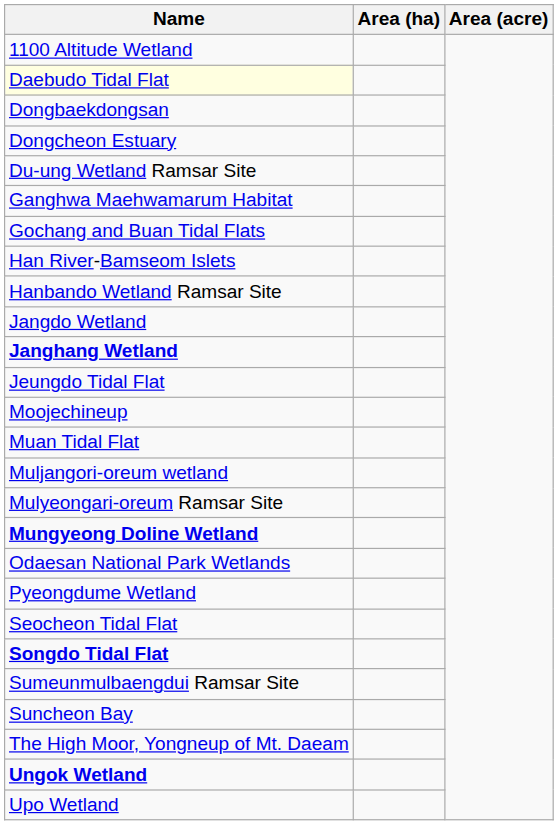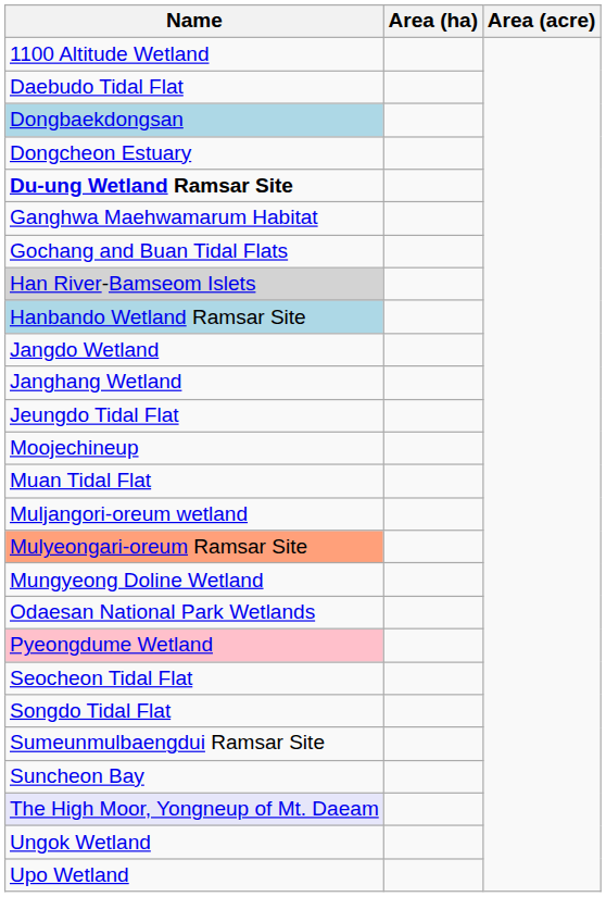 <table class="wikitable sortable">
 <tr>
 <th scope="col" align=left>Name</th>
 <th scope="col">Area (ha)</th>
 <th scope="col">Area (acre)</th>
 </tr>
 <tr ---->
 <td><a href='#'>1100 Altitude Wetland</a></td>
 <td></td>
 </tr>
 <tr ---->
-<td style="background: lightyellow;"><a href='#'>Daebudo Tidal Flat</a></td>
+<td><a href='#'>Daebudo Tidal Flat</a></td>
 <td></td>
 </tr>
 <tr ---->
-<td><a href='#'>Dongbaekdongsan</a></td>
+<td style="background: lightblue;"><a href='#'>Dongbaekdongsan</a></td>
 <td></td>
 </tr>
 <tr ---->
 <td><a href='#'>Dongcheon Estuary</a></td>
 <td></td>
 </tr>
 <tr ---->
-<td><a href='#'>Du-ung Wetland</a> Ramsar Site</td>
+<td><strong><a href='#'>Du-ung Wetland</a> Ramsar Site</strong></td>
 <td></td>
 </tr>
 <tr ---->
 <td><a href='#'>Ganghwa Maehwamarum Habitat</a></td>
 <td></td>
 </tr>
 <tr ---->
 <td><a href='#'>Gochang and Buan Tidal Flats</a></td>
 <td></td>
 </tr>
 <tr ---->
-<td><a href='#'>Han River</a>-<a href='#'>Bamseom Islets</a></td>
+<td style="background: lightgrey;"><a href='#'>Han River</a>-<a href='#'>Bamseom Islets</a></td>
 <td></td>
 </tr>
 <tr ---->
-<td><a href='#'>Hanbando Wetland</a> Ramsar Site</td>
+<td style="background: lightblue;"><a href='#'>Hanbando Wetland</a> Ramsar Site</td>
 <td></td>
 </tr>
 <tr ---->
 <td><a href='#'>Jangdo Wetland</a></td>
 <td></td>
 </tr>
 <tr ---->
-<td><strong><a href='#'>Janghang Wetland</a></strong></td>
+<td><a href='#'>Janghang Wetland</a></td>
 <td></td>
 </tr>
 <tr ---->
 <td><a href='#'>Jeungdo Tidal Flat</a></td>
 <td></td>
 </tr>
 <tr ---->
 <td><a href='#'>Moojechineup</a></td>
 <td></td>
 </tr>
 <tr ---->
 <td><a href='#'>Muan Tidal Flat</a></td>
 <td></td>
 </tr>
 <tr ---->
 <td><a href='#'>Muljangori-oreum wetland</a></td>
 <td></td>
 </tr>
 <tr ---->
-<td><a href='#'>Mulyeongari-oreum</a> Ramsar Site</td>
+<td style="background: lightsalmon;"><a href='#'>Mulyeongari-oreum</a> Ramsar Site</td>
 <td></td>
 </tr>
 <tr ---->
-<td><strong><a href='#'>Mungyeong Doline Wetland</a></strong></td>
+<td><a href='#'>Mungyeong Doline Wetland</a></td>
 <td></td>
 </tr>
 <tr ---->
 <td><a href='#'>Odaesan National Park Wetlands</a></td>
 <td></td>
 </tr>
 <tr ---->
-<td><a href='#'>Pyeongdume Wetland</a></td>
+<td style="background: pink;"><a href='#'>Pyeongdume Wetland</a></td>
 <td></td>
 </tr>
 <tr ---->
 <td><a href='#'>Seocheon Tidal Flat</a></td>
 <td></td>
 </tr>
 <tr ---->
-<td><strong><a href='#'>Songdo Tidal Flat</a></strong></td>
+<td><a href='#'>Songdo Tidal Flat</a></td>
 <td></td>
 </tr>
 <tr ---->
 <td><a href='#'>Sumeunmulbaengdui</a> Ramsar Site</td>
 <td></td>
 </tr>
 <tr ---->
 <td><a href='#'>Suncheon Bay</a></td>
 <td></td>
 </tr>
 <tr ---->
-<td><a href='#'>The High Moor, Yongneup of Mt. Daeam</a></td>
+<td style="background: lavender;"><a href='#'>The High Moor, Yongneup of Mt. Daeam</a></td>
 <td></td>
 </tr>
 <tr ---->
-<td><strong><a href='#'>Ungok Wetland</a></strong></td>
+<td><a href='#'>Ungok Wetland</a></td>
 <td></td>
 </tr>
 <tr ---->
 <td><a href='#'>Upo Wetland</a></td>
 <td></td>
 </tr>
 </table>
